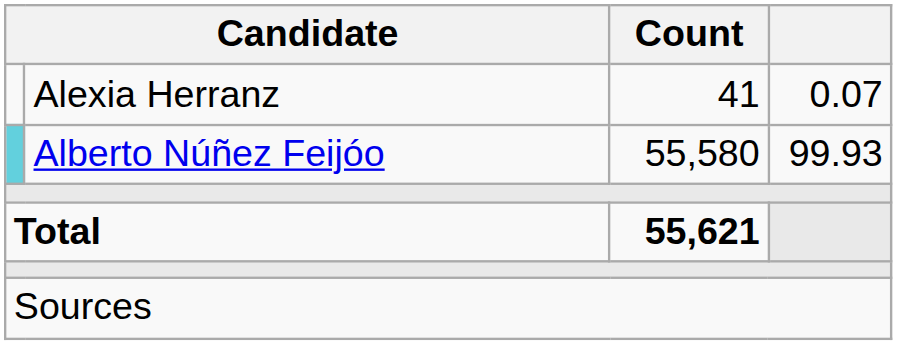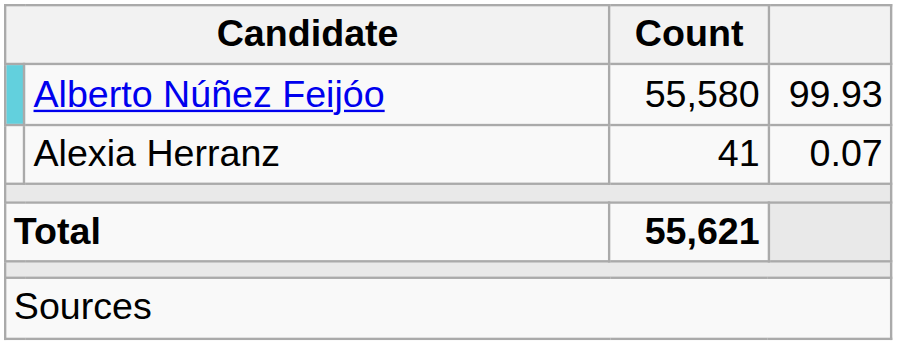 <table class="wikitable" style="text-align:right;">
 <tr>
 <th colspan="2" width="250">Candidate</th>
 <th width="60">Count</th>
 <th width="45"></th>
 </tr>
 <tr>
+<td width="1" style="color:inherit;background:#62D0DD"></td>
+<td align="left"><a href='#'>Alberto Núñez Feijóo</a></td>
+<td>55,580</td>
+<td>99.93</td>
+</tr>
+<tr>
 <td style="color:inherit;background:"></td>
 <td align="left">Alexia Herranz</td>
 <td>41</td>
 <td>0.07</td>
-</tr>
-<tr>
-<td width="1" style="color:inherit;background:#62D0DD"></td>
-<td align="left"><a href='#'>Alberto Núñez Feijóo</a></td>
-<td>55,580</td>
-<td>99.93</td>
 </tr>
 <tr>
 <td colspan="4" bgcolor="#E9E9E9"></td>
 </tr>
 <tr style="font-weight:bold;">
 <td align="left" colspan="2">Total</td>
 <td>55,621</td>
 <td bgcolor="#E9E9E9"></td>
 </tr>
 <tr>
 <td colspan="4" bgcolor="#E9E9E9"></td>
 </tr>
 <tr>
 <td align="left" colspan="4">Sources</td>
 </tr>
 </table>
